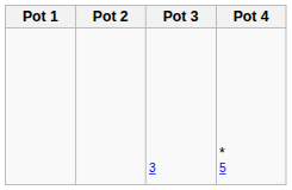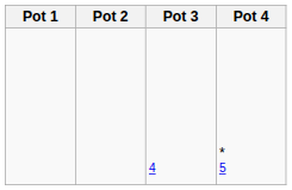 <table class="wikitable">
 <tr>
 <th style="width:15%;">Pot 1</th>
 <th style="width:15%;">Pot 2</th>
 <th style="width:15%;">Pot 3</th>
 <th style="width:15%;">Pot 4</th>
 </tr>
 <tr>
 <td style="vertical-align: top;"><br><br><br><br><br><br><br></td>
 <td style="vertical-align: top;"><br><br><br><br><br><br><br></td>
-<td style="vertical-align: top;"><br><br><br><s></s><br><br><br><br><br><sup><a href='#'>3</a></sup></td>
+<td style="vertical-align: top;"><br><br><br><s></s><br><br><br><br><br><sup><a href='#'>4</a></sup></td>
 <td style="vertical-align: top;"><br><br><br><br><br><br><s></s><br> *<br><sup><a href='#'>5</a></sup></td>
 </tr>
 </table>
